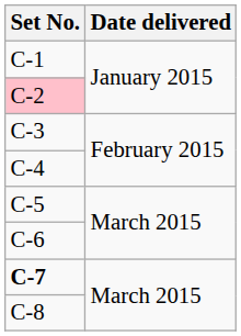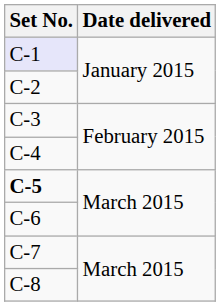 <table class="wikitable">
 <tr>
 <th>Set No.</th>
 <th>Date delivered</th>
 </tr>
 <tr>
-<td>C-1</td>
+<td style="background: lavender;">C-1</td>
 <td rowspan="2">January 2015</td>
 </tr>
 <tr>
-<td style="background: pink;">C-2</td>
+<td>C-2</td>
 </tr>
 <tr>
 <td>C-3</td>
 <td rowspan="2">February 2015</td>
 </tr>
 <tr>
 <td>C-4</td>
 </tr>
 <tr>
-<td>C-5</td>
+<td><strong>C-5</strong></td>
 <td rowspan="2">March 2015</td>
 </tr>
 <tr>
 <td>C-6</td>
 </tr>
 <tr>
-<td><strong>C-7</strong></td>
+<td>C-7</td>
 <td rowspan="2">March 2015</td>
 </tr>
 <tr>
 <td>C-8</td>
 </tr>
 </table>
